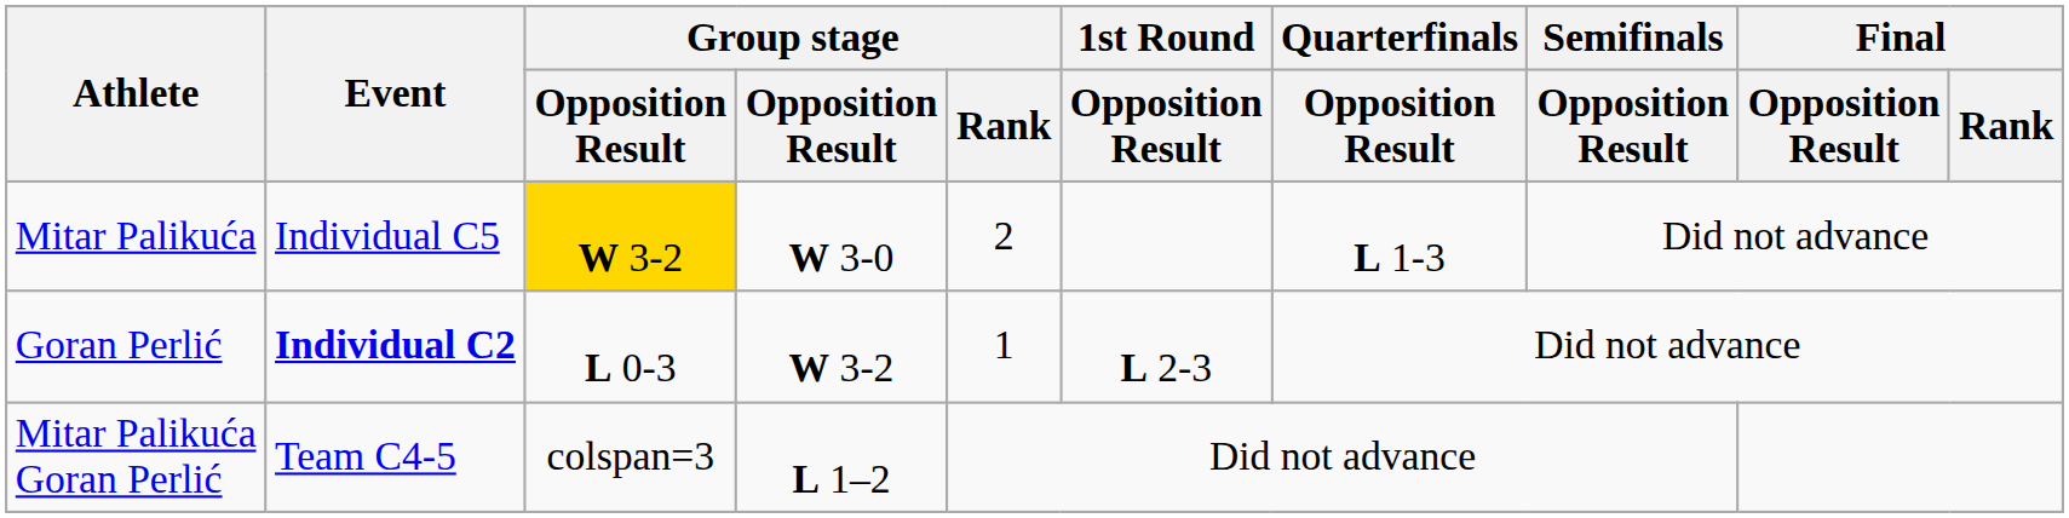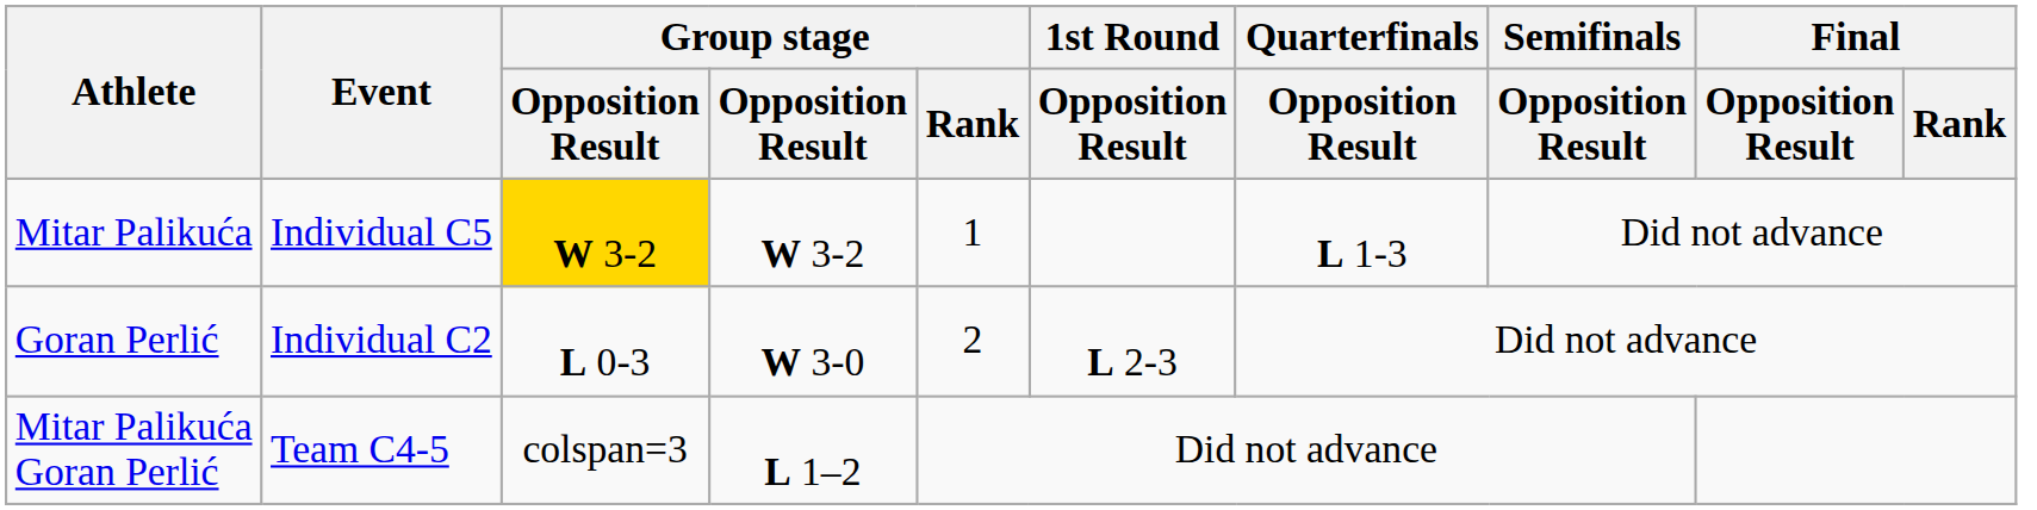 <table class=wikitable>
 <tr>
 <th rowspan="2">Athlete</th>
 <th rowspan="2">Event</th>
 <th colspan="3">Group stage</th>
 <th>1st Round</th>
 <th>Quarterfinals</th>
 <th>Semifinals</th>
 <th colspan="2">Final</th>
 </tr>
 <tr>
 <th>Opposition<br>Result</th>
 <th>Opposition<br>Result</th>
 <th>Rank</th>
 <th>Opposition<br>Result</th>
 <th>Opposition<br>Result</th>
 <th>Opposition<br>Result</th>
 <th>Opposition<br>Result</th>
 <th>Rank</th>
 </tr>
 <tr align=center>
 <td align=left><a href='#'>Mitar Palikuća</a></td>
 <td align=left><a href='#'>Individual C5</a></td>
 <td style="background: gold;"><br><strong>W</strong> 3-2</td>
-<td><br><strong>W</strong> 3-0</td>
-<td>2</td>
+<td><br><strong>W</strong> 3-2</td>
+<td>1</td>
 <td></td>
 <td><br><strong>L</strong> 1-3</td>
 <td colspan=3>Did not advance</td>
 </tr>
 <tr align=center>
 <td align=left><a href='#'>Goran Perlić</a></td>
-<td align=left><strong><a href='#'>Individual C2</a></strong></td>
+<td align=left><a href='#'>Individual C2</a></td>
 <td><br><strong>L</strong> 0-3</td>
-<td><br><strong>W</strong> 3-2</td>
-<td>1</td>
+<td><br><strong>W</strong> 3-0</td>
+<td>2</td>
 <td><br><strong>L</strong> 2-3</td>
 <td colspan=4>Did not advance</td>
 </tr>
 <tr align=center>
 <td align=left><a href='#'>Mitar Palikuća</a> <br> <a href='#'>Goran Perlić</a></td>
 <td align=left><a href='#'>Team C4-5</a></td>
 <td>colspan=3</td>
 <td> <br> <strong>L</strong> 1–2</td>
 <td colspan=4>Did not advance</td>
 </tr>
 </table>
